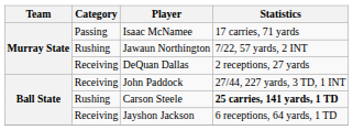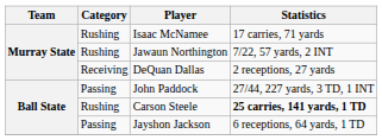 <table class="wikitable" style="float: left;">
 <tr>
 <th>Team</th>
 <th>Category</th>
 <th>Player</th>
 <th>Statistics</th>
 </tr>
 <tr>
 <th rowspan=3>Murray State</th>
-<td>Passing</td>
+<td>Rushing</td>
 <td>Isaac McNamee</td>
 <td>17 carries, 71 yards</td>
 </tr>
 <tr>
 <td>Rushing</td>
 <td>Jawaun Northington</td>
 <td>7/22, 57 yards, 2 INT</td>
 </tr>
 <tr>
 <td>Receiving</td>
 <td>DeQuan Dallas</td>
 <td>2 receptions, 27 yards</td>
 </tr>
 <tr>
 <th rowspan=3 style=>Ball State</th>
-<td>Receiving</td>
+<td>Passing</td>
 <td>John Paddock</td>
 <td>27/44, 227 yards, 3 TD, 1 INT</td>
 </tr>
 <tr>
 <td>Rushing</td>
 <td>Carson Steele</td>
 <td><strong>25 carries, 141 yards, 1 TD</strong></td>
 </tr>
 <tr>
-<td>Receiving</td>
+<td>Passing</td>
 <td>Jayshon Jackson</td>
 <td>6 receptions, 64 yards, 1 TD</td>
 </tr>
 <tr>
 </tr>
 </table>
